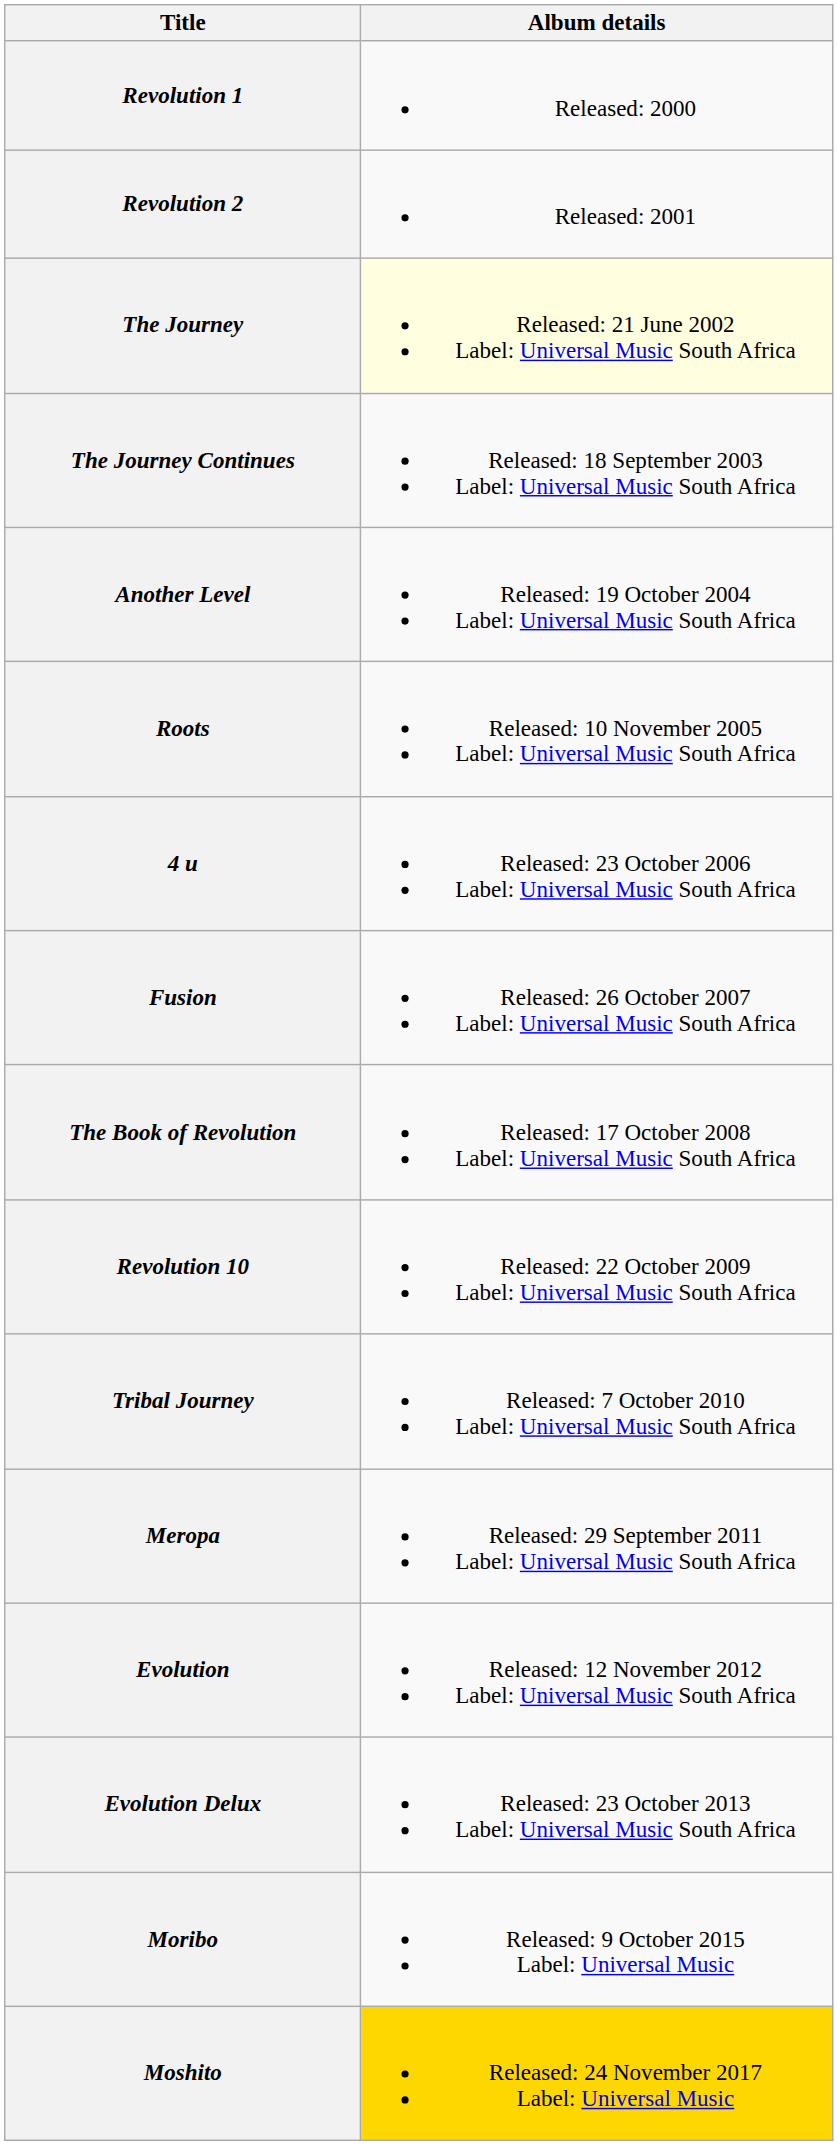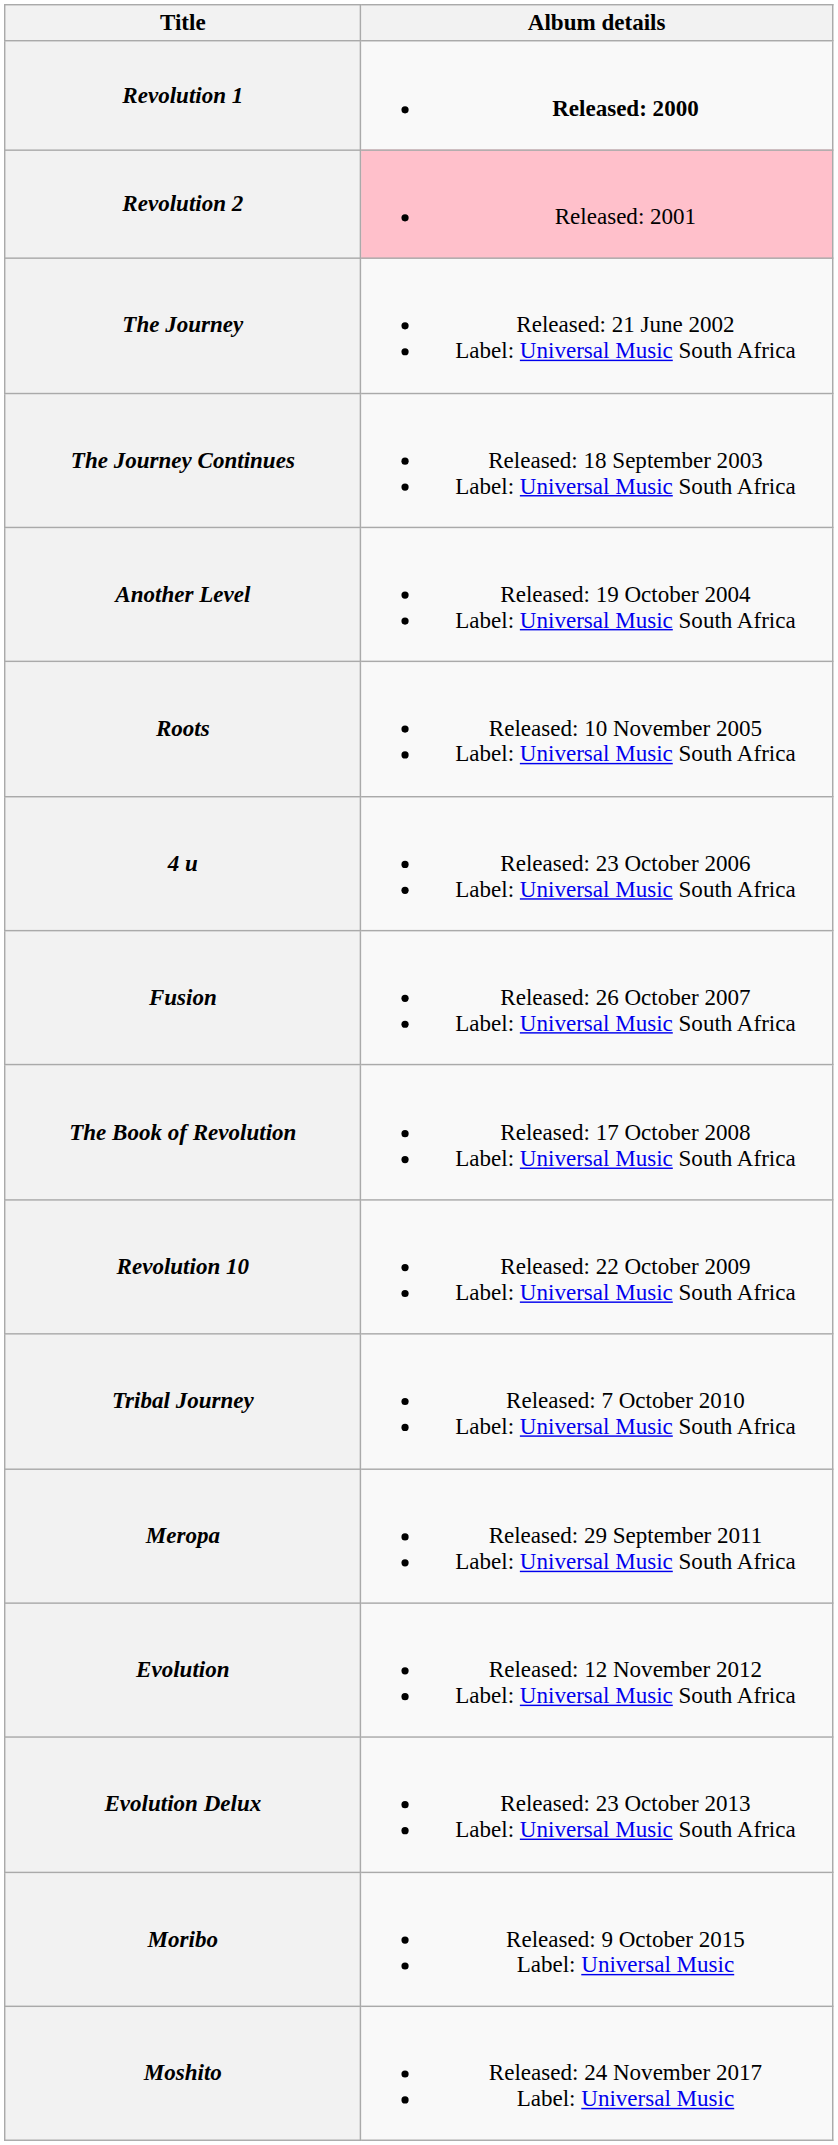 <table class="wikitable" style="text-align:center;">
 <tr>
 <th scope="col" style="width:15em;">Title</th>
 <th scope="col" style="width:20em;">Album details</th>
 </tr>
 <tr>
 <th scope="row"><em>Revolution 1</em></th>
-<td><br><ul><li>Released: 2000</li></ul></td>
+<td><strong><br><ul><li>Released: 2000</li></ul></strong></td>
 </tr>
 <tr>
 <th scope="row"><em>Revolution 2</em></th>
-<td><br><ul><li>Released: 2001</li></ul></td>
+<td style="background: pink;"><br><ul><li>Released: 2001</li></ul></td>
 </tr>
 <tr>
 <th scope="row"><em>The Journey</em></th>
-<td style="background: lightyellow;"><br><ul><li>Released: 21 June 2002</li><li>Label: <a href='#'>Universal Music</a> South Africa</li></ul></td>
+<td><br><ul><li>Released: 21 June 2002</li><li>Label: <a href='#'>Universal Music</a> South Africa</li></ul></td>
 </tr>
 <tr>
 <th scope="row"><em>The Journey Continues</em></th>
 <td><br><ul><li>Released: 18 September 2003</li><li>Label: <a href='#'>Universal Music</a> South Africa</li></ul></td>
 </tr>
 <tr>
 <th scope="row"><em>Another Level</em></th>
 <td><br><ul><li>Released: 19 October 2004</li><li>Label: <a href='#'>Universal Music</a> South Africa</li></ul></td>
 </tr>
 <tr>
 <th scope="row"><em>Roots</em></th>
 <td><br><ul><li>Released: 10 November 2005</li><li>Label: <a href='#'>Universal Music</a> South Africa</li></ul></td>
 </tr>
 <tr>
 <th scope="row"><em>4 u</em></th>
 <td><br><ul><li>Released: 23 October 2006</li><li>Label: <a href='#'>Universal Music</a> South Africa</li></ul></td>
 </tr>
 <tr>
 <th scope="row"><em>Fusion</em></th>
 <td><br><ul><li>Released: 26 October 2007</li><li>Label: <a href='#'>Universal Music</a> South Africa</li></ul></td>
 </tr>
 <tr>
 <th scope="row"><em>The Book of Revolution</em></th>
 <td><br><ul><li>Released: 17 October 2008</li><li>Label: <a href='#'>Universal Music</a> South Africa</li></ul></td>
 </tr>
 <tr>
 <th scope="row"><em>Revolution 10</em></th>
 <td><br><ul><li>Released: 22 October 2009</li><li>Label: <a href='#'>Universal Music</a> South Africa</li></ul></td>
 </tr>
 <tr>
 <th scope="row"><em>Tribal Journey</em></th>
 <td><br><ul><li>Released: 7 October 2010</li><li>Label: <a href='#'>Universal Music</a> South Africa</li></ul></td>
 </tr>
 <tr>
 <th scope="row"><em>Meropa</em></th>
 <td><br><ul><li>Released: 29 September 2011</li><li>Label: <a href='#'>Universal Music</a> South Africa</li></ul></td>
 </tr>
 <tr>
 <th scope="row"><em>Evolution</em></th>
 <td><br><ul><li>Released: 12 November 2012</li><li>Label: <a href='#'>Universal Music</a> South Africa</li></ul></td>
 </tr>
 <tr>
 <th scope="row"><em>Evolution Delux</em></th>
 <td><br><ul><li>Released: 23 October 2013</li><li>Label: <a href='#'>Universal Music</a> South Africa</li></ul></td>
 </tr>
 <tr>
 <th scope="row"><em>Moribo</em></th>
 <td><br><ul><li>Released: 9 October 2015</li><li>Label: <a href='#'>Universal Music</a></li></ul></td>
 </tr>
 <tr>
 <th scope="row"><em>Moshito</em></th>
-<td style="background: gold;"><br><ul><li>Released: 24 November 2017</li><li>Label: <a href='#'>Universal Music</a></li></ul></td>
+<td><br><ul><li>Released: 24 November 2017</li><li>Label: <a href='#'>Universal Music</a></li></ul></td>
 </tr>
 </table>
